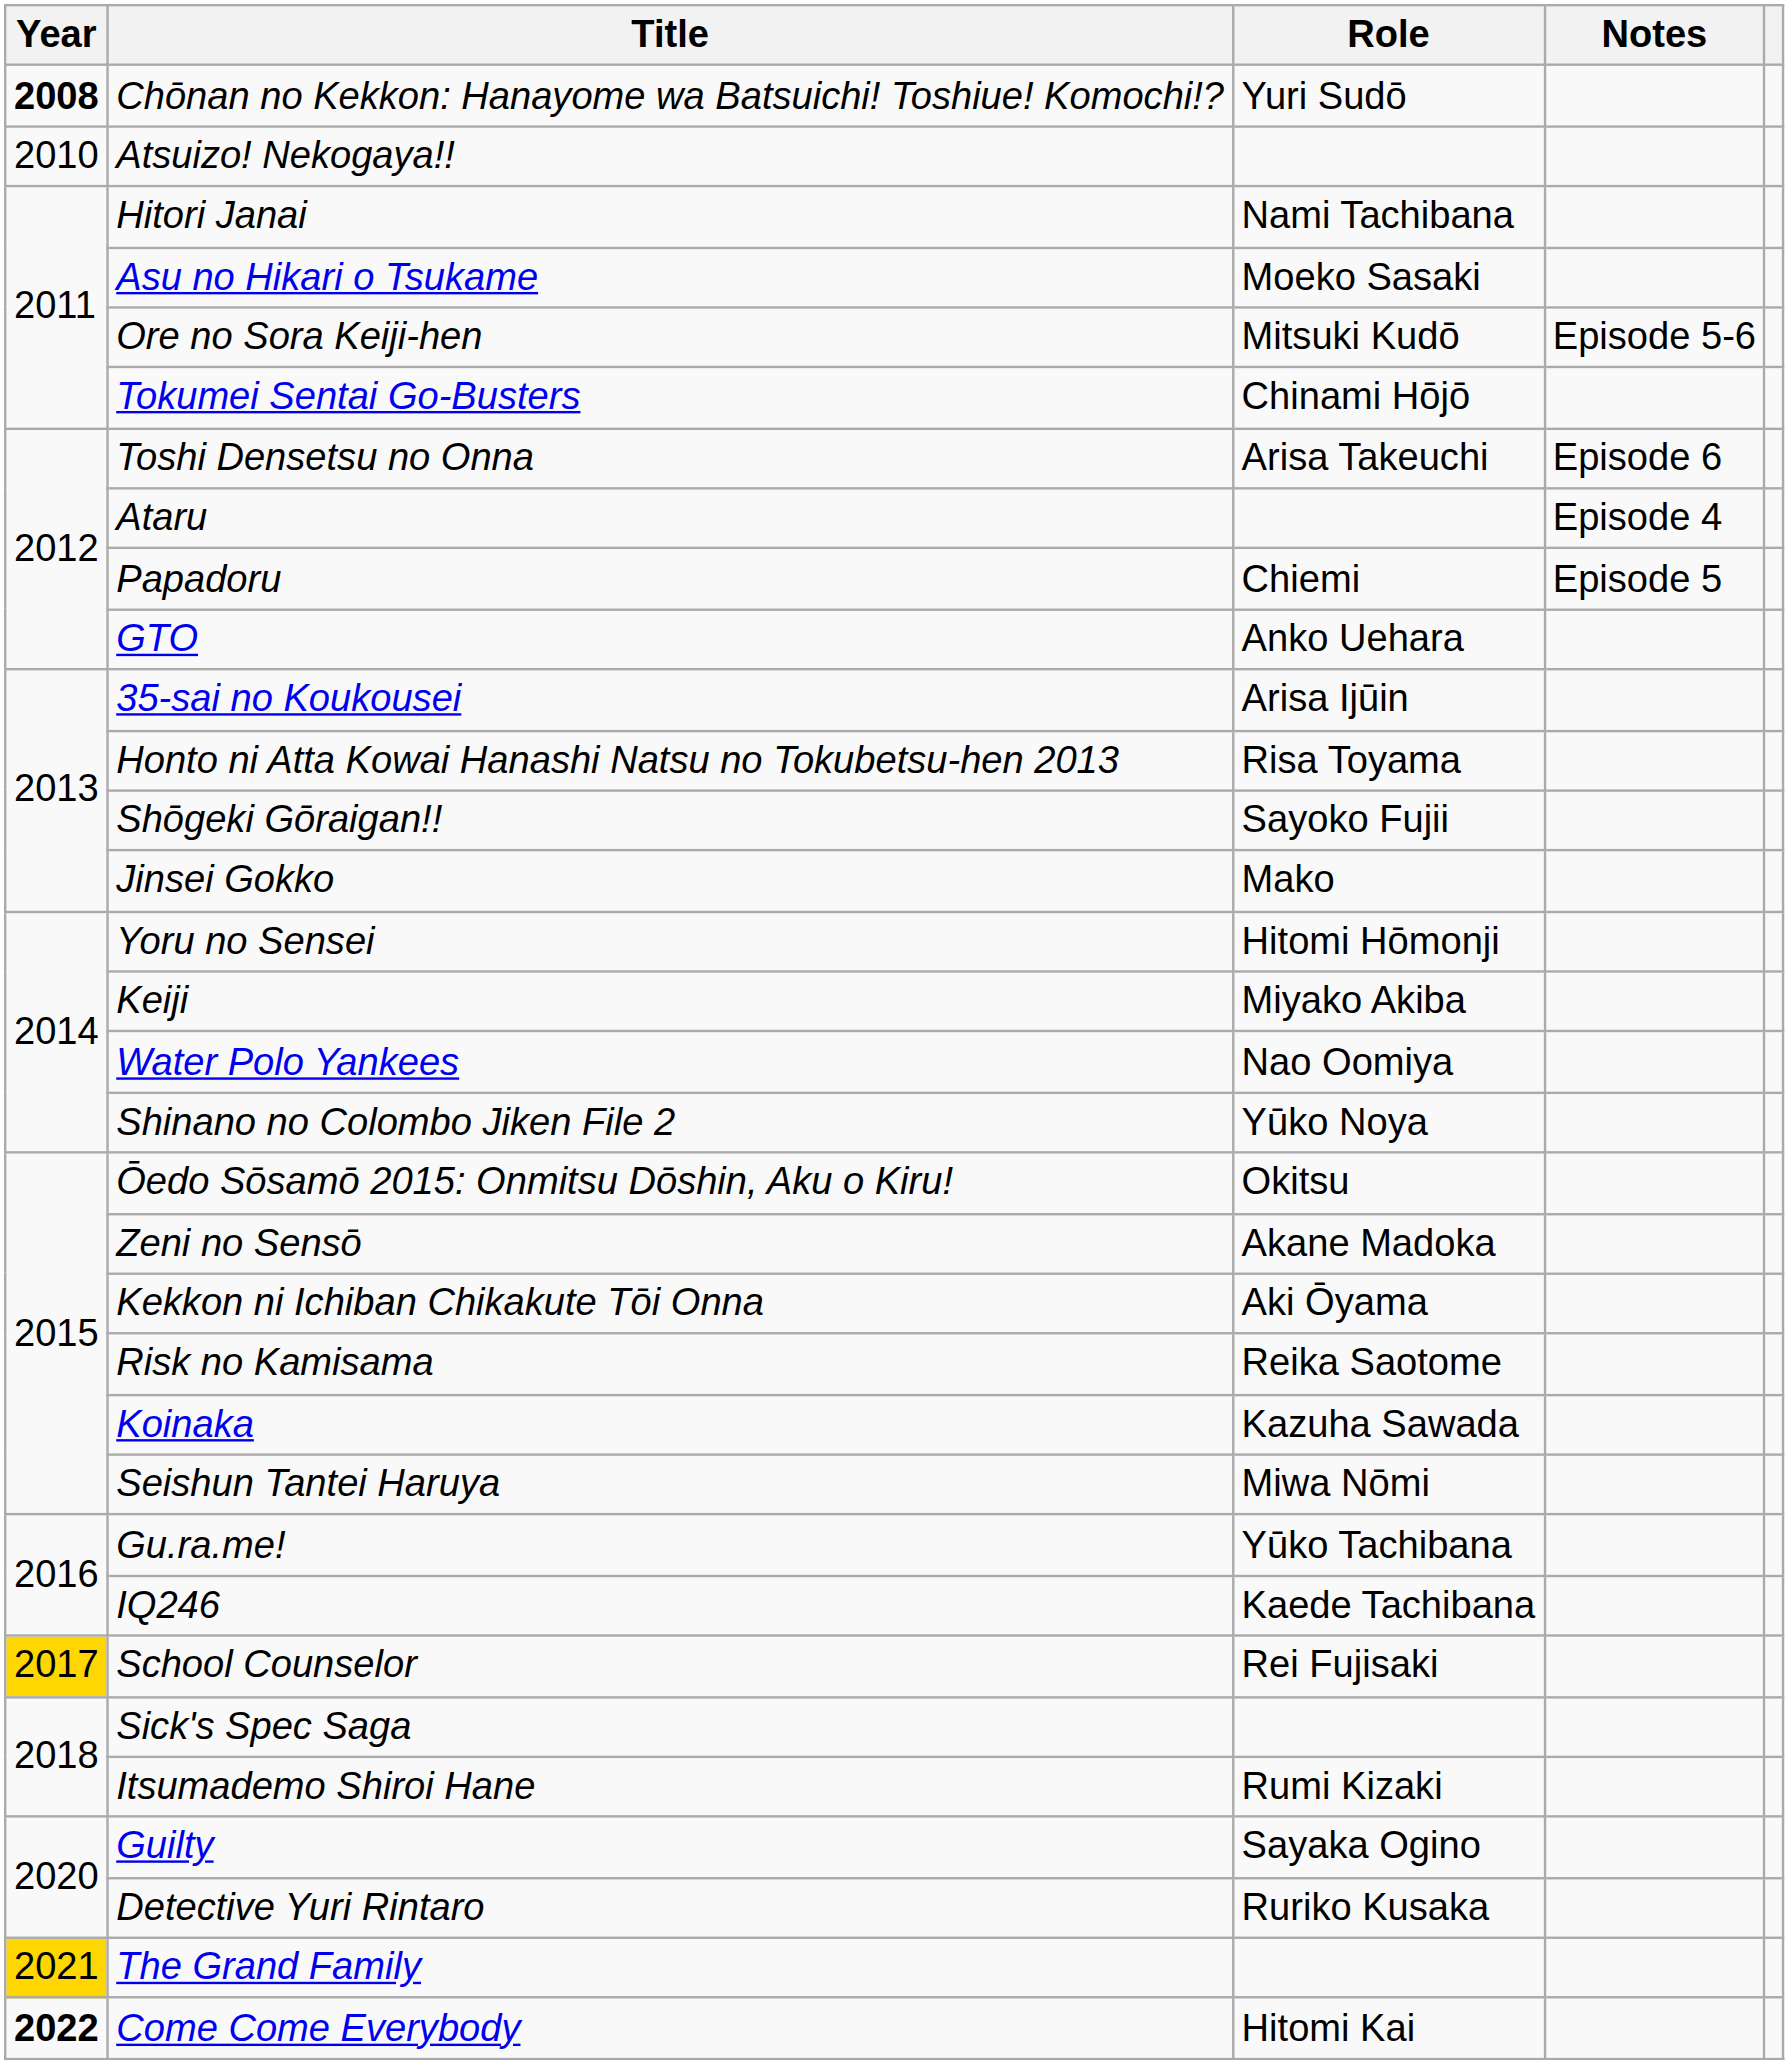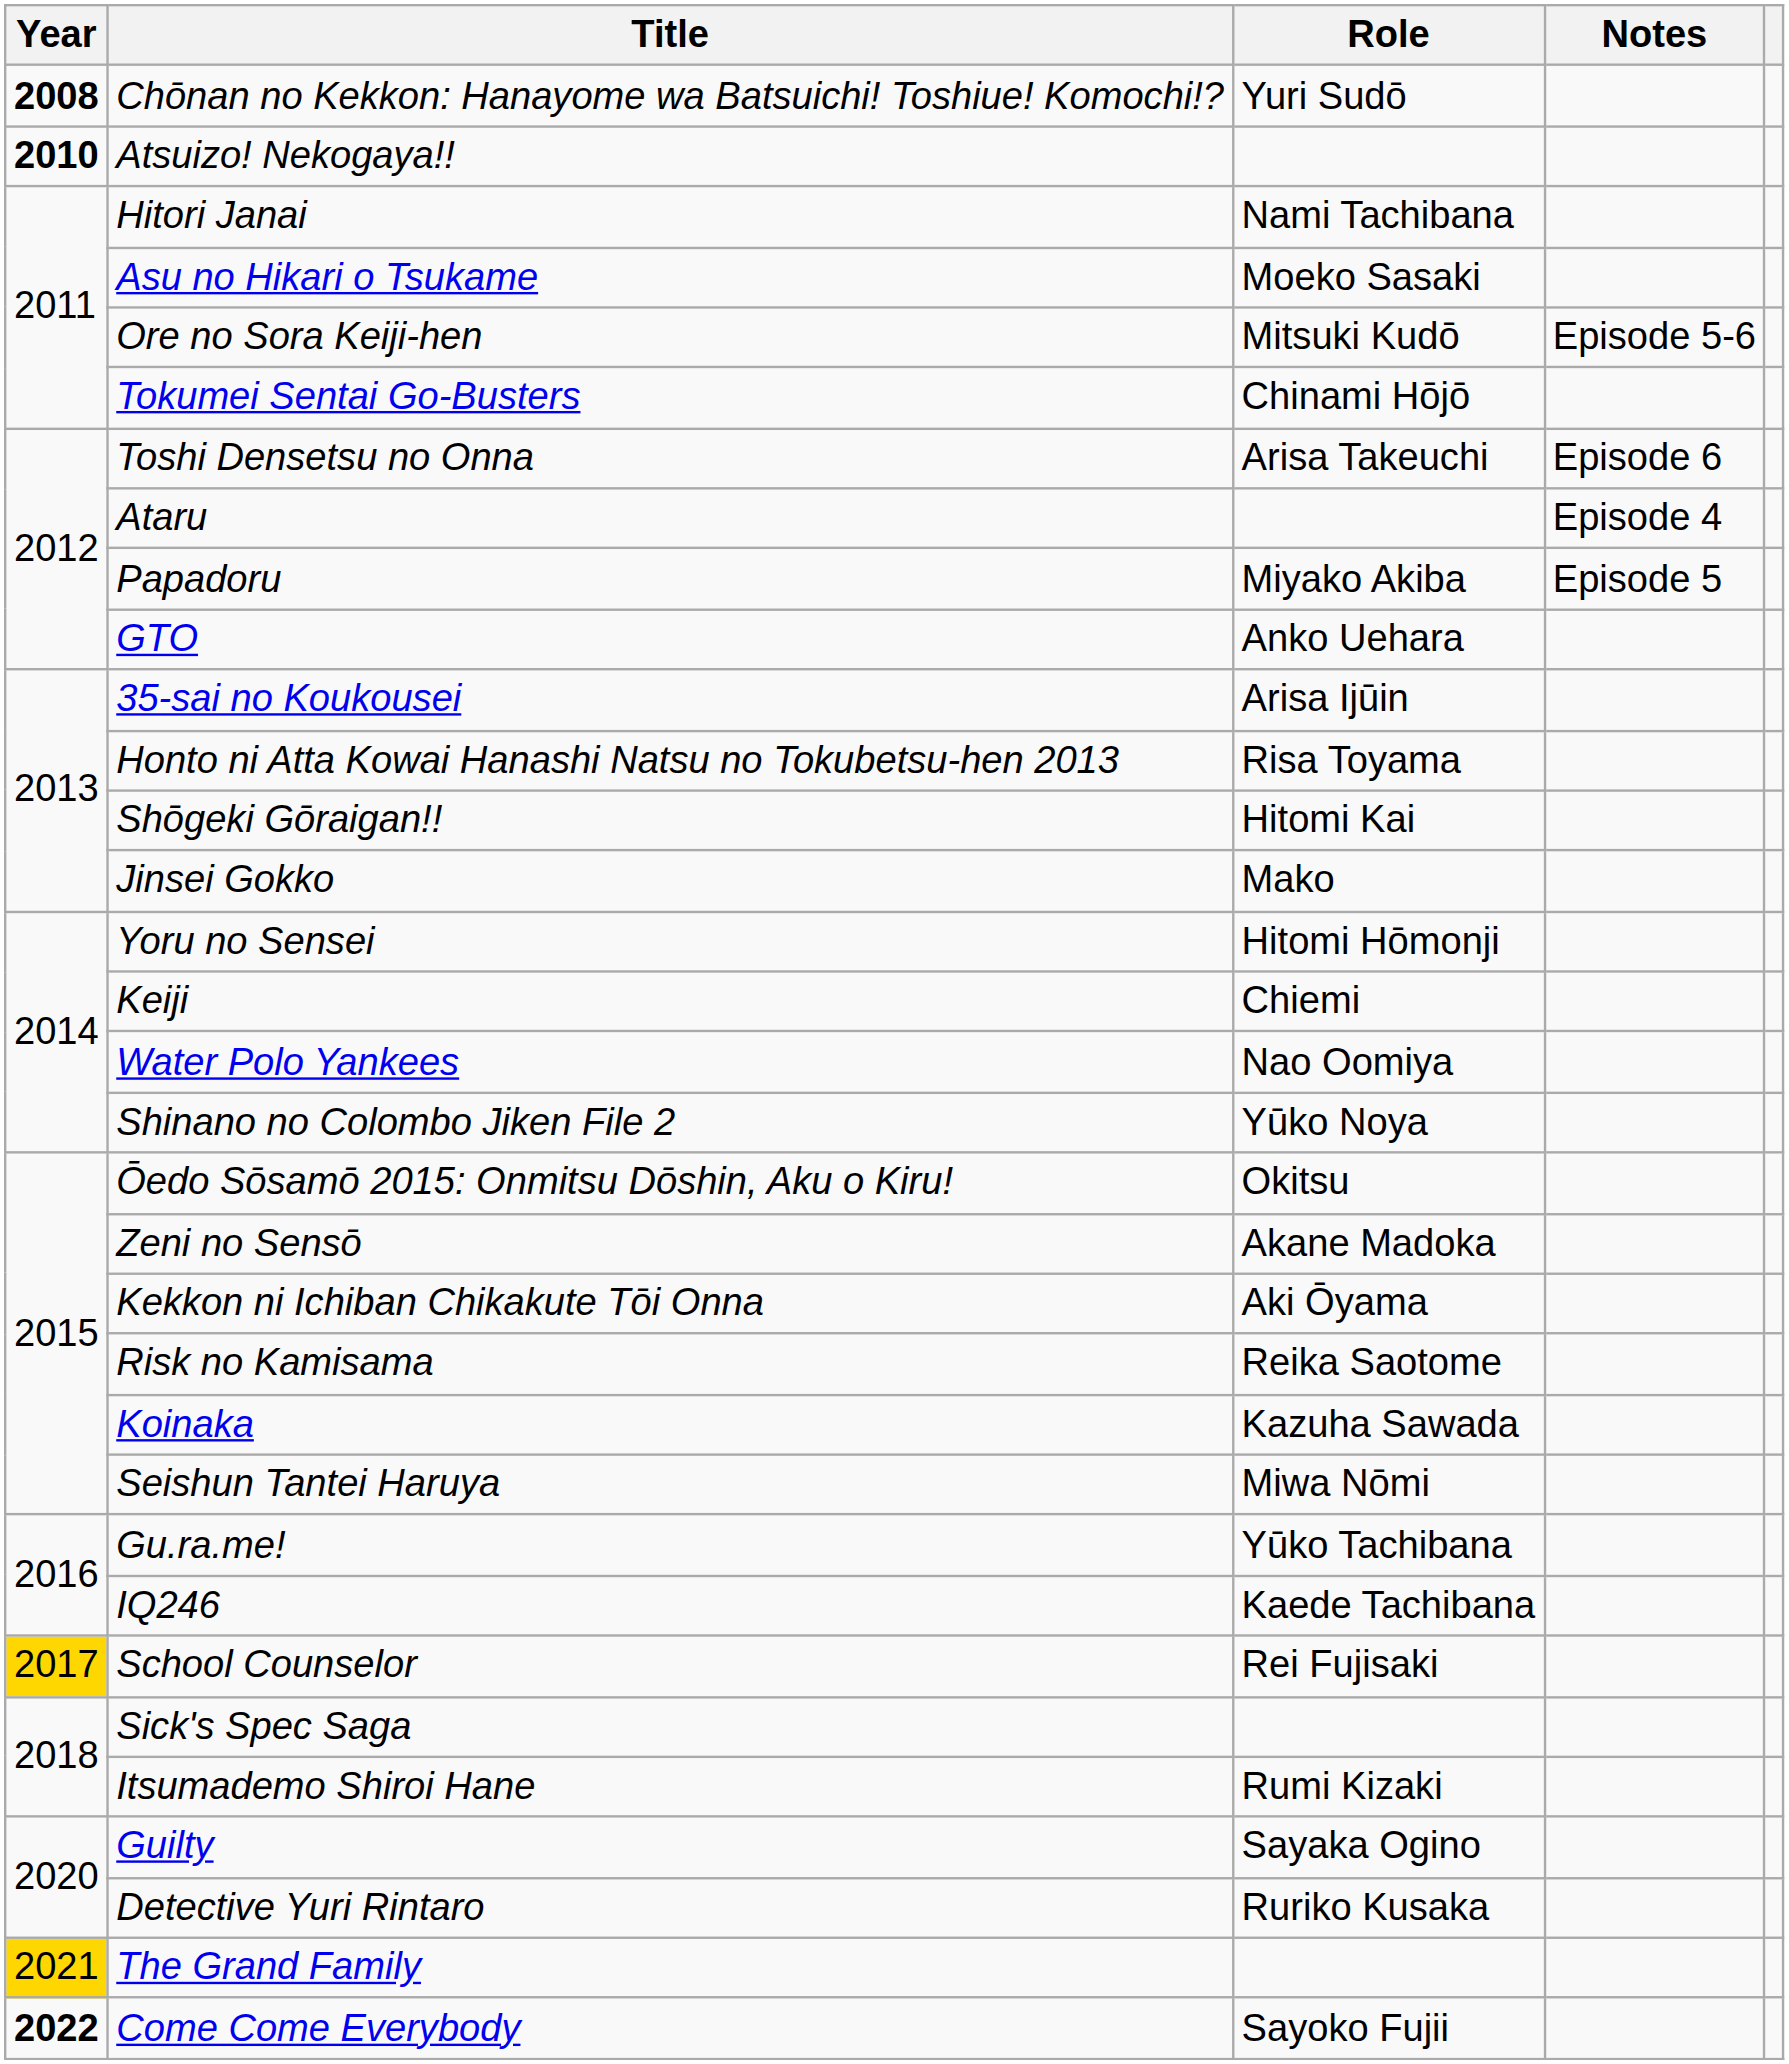 <table class="wikitable plainrowheaders sortable">
 <tr>
 <th>Year</th>
 <th>Title</th>
 <th>Role</th>
 <th class="unsortable">Notes</th>
 <th class="unsortable"></th>
 </tr>
 <tr>
 <td><strong>2008</strong></td>
 <td><em>Chōnan no Kekkon: Hanayome wa Batsuichi! Toshiue! Komochi!?</em></td>
 <td>Yuri Sudō</td>
 <td></td>
 <td></td>
 </tr>
 <tr>
-<td>2010</td>
+<td><strong>2010</strong></td>
 <td><em>Atsuizo! Nekogaya!!</em></td>
 <td></td>
 <td></td>
 <td></td>
 </tr>
 <tr>
 <td rowspan="4">2011</td>
 <td><em>Hitori Janai</em></td>
 <td>Nami Tachibana</td>
 <td></td>
 <td></td>
 </tr>
 <tr>
 <td><em><a href='#'>Asu no Hikari o Tsukame</a></em></td>
 <td>Moeko Sasaki</td>
 <td></td>
 <td></td>
 </tr>
 <tr>
 <td><em>Ore no Sora Keiji-hen</em></td>
 <td>Mitsuki Kudō</td>
 <td>Episode 5-6</td>
 <td></td>
 </tr>
 <tr>
 <td><em><a href='#'>Tokumei Sentai Go-Busters</a></em></td>
 <td>Chinami Hōjō</td>
 <td></td>
 <td></td>
 </tr>
 <tr>
 <td rowspan="4">2012</td>
 <td><em>Toshi Densetsu no Onna</em></td>
 <td>Arisa Takeuchi</td>
 <td>Episode 6</td>
 <td></td>
 </tr>
 <tr>
 <td><em>Ataru</em></td>
 <td></td>
 <td>Episode 4</td>
 <td></td>
 </tr>
 <tr>
 <td><em>Papadoru</em></td>
-<td>Chiemi</td>
+<td>Miyako Akiba</td>
 <td>Episode 5</td>
 <td></td>
 </tr>
 <tr>
 <td><em><a href='#'>GTO</a></em></td>
 <td>Anko Uehara</td>
 <td></td>
 <td></td>
 </tr>
 <tr>
 <td rowspan="4">2013</td>
 <td><em><a href='#'>35-sai no Koukousei</a></em></td>
 <td>Arisa Ijūin</td>
 <td></td>
 <td></td>
 </tr>
 <tr>
 <td><em>Honto ni Atta Kowai Hanashi Natsu no Tokubetsu-hen 2013</em></td>
 <td>Risa Toyama</td>
 <td></td>
 <td></td>
 </tr>
 <tr>
 <td><em>Shōgeki Gōraigan!!</em></td>
-<td>Sayoko Fujii</td>
+<td>Hitomi Kai</td>
 <td></td>
 <td></td>
 </tr>
 <tr>
 <td><em>Jinsei Gokko</em></td>
 <td>Mako</td>
 <td></td>
 <td></td>
 </tr>
 <tr>
 <td rowspan="4">2014</td>
 <td><em>Yoru no Sensei</em></td>
 <td>Hitomi Hōmonji</td>
 <td></td>
 <td></td>
 </tr>
 <tr>
 <td><em>Keiji</em></td>
-<td>Miyako Akiba</td>
+<td>Chiemi</td>
 <td></td>
 <td></td>
 </tr>
 <tr>
 <td><em><a href='#'>Water Polo Yankees</a></em></td>
 <td>Nao Oomiya</td>
 <td></td>
 <td></td>
 </tr>
 <tr>
 <td><em>Shinano no Colombo Jiken File 2</em></td>
 <td>Yūko Noya</td>
 <td></td>
 <td></td>
 </tr>
 <tr>
 <td rowspan="6">2015</td>
 <td><em>Ōedo Sōsamō 2015: Onmitsu Dōshin, Aku o Kiru!</em></td>
 <td>Okitsu</td>
 <td></td>
 <td></td>
 </tr>
 <tr>
 <td><em>Zeni no Sensō</em></td>
 <td>Akane Madoka</td>
 <td></td>
 <td></td>
 </tr>
 <tr>
 <td><em>Kekkon ni Ichiban Chikakute Tōi Onna</em></td>
 <td>Aki Ōyama</td>
 <td></td>
 <td></td>
 </tr>
 <tr>
 <td><em>Risk no Kamisama</em></td>
 <td>Reika Saotome</td>
 <td></td>
 <td></td>
 </tr>
 <tr>
 <td><em><a href='#'>Koinaka</a></em></td>
 <td>Kazuha Sawada</td>
 <td></td>
 <td></td>
 </tr>
 <tr>
 <td><em>Seishun Tantei Haruya</em></td>
 <td>Miwa Nōmi</td>
 <td></td>
 <td></td>
 </tr>
 <tr>
 <td rowspan="2">2016</td>
 <td><em>Gu.ra.me!</em></td>
 <td>Yūko Tachibana</td>
 <td></td>
 <td></td>
 </tr>
 <tr>
 <td><em>IQ246</em></td>
 <td>Kaede Tachibana</td>
 <td></td>
 <td></td>
 </tr>
 <tr>
 <td style="background: gold;">2017</td>
 <td><em>School Counselor</em></td>
 <td>Rei Fujisaki</td>
 <td></td>
 <td></td>
 </tr>
 <tr>
 <td rowspan="2">2018</td>
 <td><em>Sick's Spec Saga</em></td>
 <td></td>
 <td></td>
 <td></td>
 </tr>
 <tr>
 <td><em>Itsumademo Shiroi Hane</em></td>
 <td>Rumi Kizaki</td>
 <td></td>
 <td></td>
 </tr>
 <tr>
 <td rowspan="2">2020</td>
 <td><em><a href='#'>Guilty</a></em></td>
 <td>Sayaka Ogino</td>
 <td></td>
 <td></td>
 </tr>
 <tr>
 <td><em>Detective Yuri Rintaro</em></td>
 <td>Ruriko Kusaka</td>
 <td></td>
 <td></td>
 </tr>
 <tr>
 <td style="background: gold;">2021</td>
 <td><em><a href='#'>The Grand Family</a></em></td>
 <td></td>
 <td></td>
 <td></td>
 </tr>
 <tr>
 <td><strong>2022</strong></td>
 <td><em><a href='#'>Come Come Everybody</a></em></td>
-<td>Hitomi Kai</td>
+<td>Sayoko Fujii</td>
 <td></td>
 <td></td>
 </tr>
 <tr>
 </tr>
 </table>
